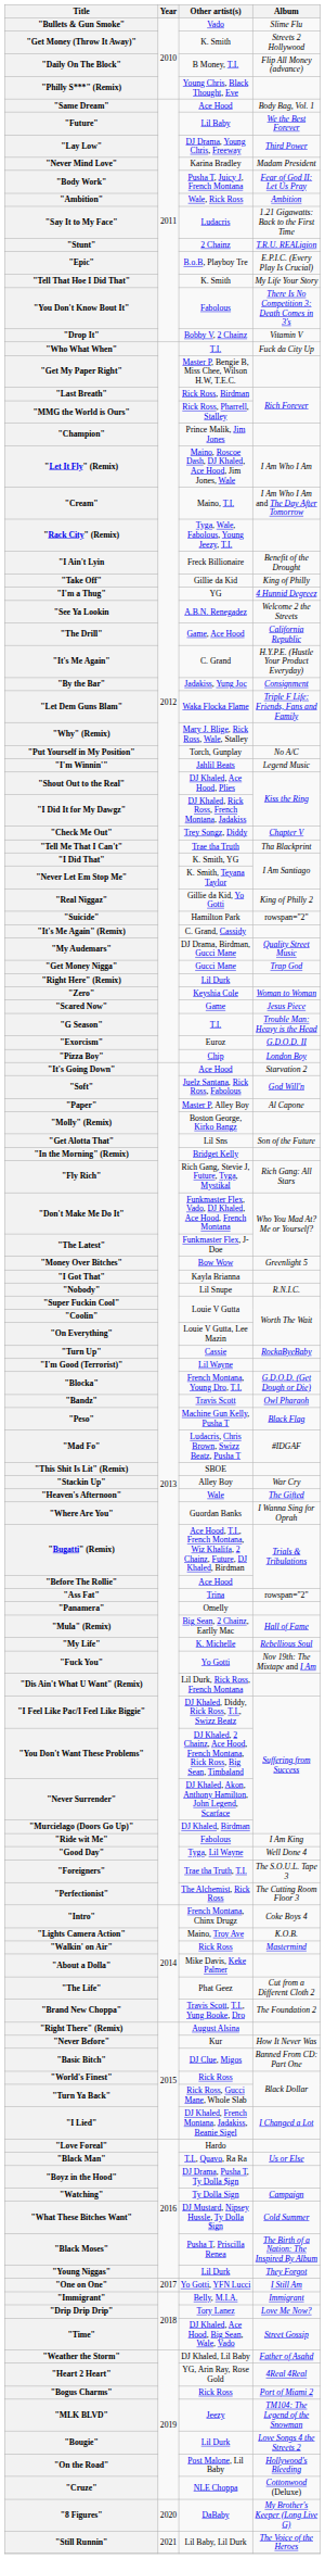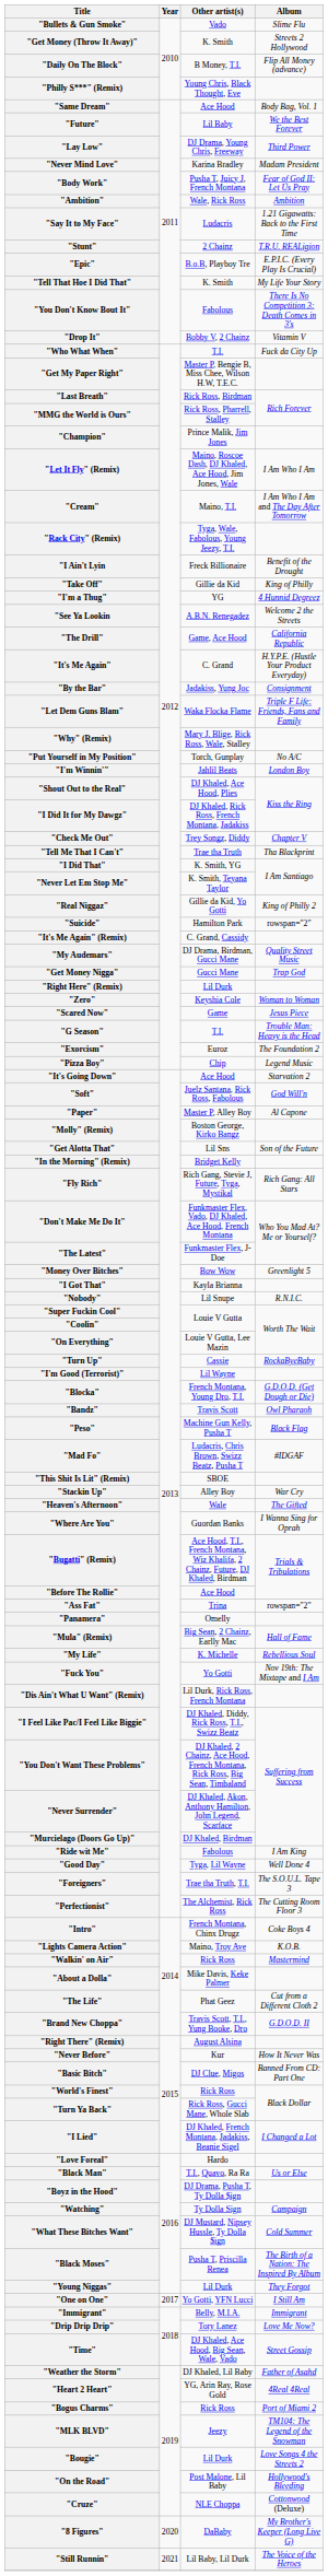 <table class="wikitable plainrowheaders" style="text-align:center;">
 <tr>
 <th scope="col" style="width:18em;">Title</th>
 <th scope="col">Year</th>
 <th scope="col">Other artist(s)</th>
 <th scope="col">Album</th>
 </tr>
 <tr>
 <th scope="row">"Bullets & Gun Smoke"</th>
 <td rowspan="4">2010</td>
 <td><a href='#'>Vado</a></td>
 <td><em>Slime Flu</em></td>
 </tr>
 <tr>
 <th scope="row">"Get Money (Throw It Away)"</th>
 <td>K. Smith</td>
 <td><em>Streets 2 Hollywood</em></td>
 </tr>
 <tr>
 <th scope="row">"Daily On The Block"<br></th>
 <td>B Money, <a href='#'>T.I.</a></td>
 <td><em>Flip All Money (advance)</em></td>
 </tr>
 <tr>
 <th scope="row">"Philly S***" (Remix)</th>
 <td><a href='#'>Young Chris</a>, <a href='#'>Black Thought</a>, <a href='#'>Eve</a></td>
 <td></td>
 </tr>
 <tr>
 <th scope="row">"Same Dream"</th>
 <td rowspan="12">2011</td>
 <td><a href='#'>Ace Hood</a></td>
 <td><em>Body Bag, Vol. 1</em></td>
 </tr>
 <tr>
 <th scope="row">"Future"</th>
 <td><a href='#'>Lil Baby</a></td>
 <td><em><a href='#'>We the Best Forever</a></em></td>
 </tr>
 <tr>
 <th scope="row">"Lay Low"</th>
 <td><a href='#'>DJ Drama</a>, <a href='#'>Young Chris</a>, <a href='#'>Freeway</a></td>
 <td><em><a href='#'>Third Power</a></em></td>
 </tr>
 <tr>
 <th scope="row">"Never Mind Love"</th>
 <td>Karina Bradley</td>
 <td><em>Madam President</em></td>
 </tr>
 <tr>
 <th scope="row">"Body Work"</th>
 <td><a href='#'>Pusha T</a>, <a href='#'>Juicy J</a>, <a href='#'>French Montana</a></td>
 <td><em><a href='#'>Fear of God II: Let Us Pray</a></em></td>
 </tr>
 <tr>
 <th scope="row">"Ambition"</th>
 <td><a href='#'>Wale</a>, <a href='#'>Rick Ross</a></td>
 <td><em><a href='#'>Ambition</a></em></td>
 </tr>
 <tr>
 <th scope="row">"Say It to My Face"</th>
 <td><a href='#'>Ludacris</a></td>
 <td><em>1.21 Gigawatts: Back to the First Time</em></td>
 </tr>
 <tr>
 <th scope="row">"Stunt"</th>
 <td><a href='#'>2 Chainz</a></td>
 <td><em><a href='#'>T.R.U. REALigion</a></em></td>
 </tr>
 <tr>
 <th scope="row">"Epic"</th>
 <td><a href='#'>B.o.B</a>, Playboy Tre</td>
 <td><em>E.P.I.C. (Every Play Is Crucial)</em></td>
 </tr>
 <tr>
 <th scope="row">"Tell That Hoe I Did That"</th>
 <td>K. Smith</td>
 <td><em>My Life Your Story</em></td>
 </tr>
 <tr>
 <th scope="row">"You Don't Know Bout It"</th>
 <td><a href='#'>Fabolous</a></td>
 <td><em><a href='#'>There Is No Competition 3: Death Comes in 3's</a></em></td>
 </tr>
 <tr>
 <th scope="row">"Drop It"</th>
 <td><a href='#'>Bobby V</a>, <a href='#'>2 Chainz</a></td>
 <td><em>Vitamin V</em></td>
 </tr>
 <tr>
 <th scope="row">"Who What When"</th>
 <td rowspan="36">2012</td>
 <td><a href='#'>T.I.</a></td>
 <td><em>Fuck da City Up</em></td>
 </tr>
 <tr>
 <th scope="row">"Get My Paper Right"</th>
 <td><a href='#'>Master P</a>, Bengie B, Miss Chee, Wilson H.W, T.E.C.</td>
 <td></td>
 </tr>
 <tr>
 <th scope="row">"Last Breath"</th>
 <td><a href='#'>Rick Ross</a>, <a href='#'>Birdman</a></td>
 <td rowspan="2"><em><a href='#'>Rich Forever</a></em></td>
 </tr>
 <tr>
 <th scope="row">"MMG the World is Ours"</th>
 <td><a href='#'>Rick Ross</a>, <a href='#'>Pharrell</a>, <a href='#'>Stalley</a></td>
 </tr>
 <tr>
 <th scope="row">"Champion"</th>
 <td>Prince Malik, <a href='#'>Jim Jones</a></td>
 <td></td>
 </tr>
 <tr>
 <th scope="row">"<a href='#'>Let It Fly</a>" (Remix)</th>
 <td><a href='#'>Maino</a>, <a href='#'>Roscoe Dash</a>, <a href='#'>DJ Khaled</a>, <a href='#'>Ace Hood</a>, Jim Jones, <a href='#'>Wale</a></td>
 <td><em>I Am Who I Am</em></td>
 </tr>
 <tr>
 <th scope="row">"Cream"</th>
 <td>Maino, <a href='#'>T.I.</a></td>
 <td><em>I Am Who I Am</em> and <em><a href='#'>The Day After Tomorrow</a></em></td>
 </tr>
 <tr>
 <th scope="row">"<a href='#'>Rack City</a>" (Remix)</th>
 <td><a href='#'>Tyga</a>, <a href='#'>Wale</a>, <a href='#'>Fabolous</a>, <a href='#'>Young Jeezy</a>, <a href='#'>T.I.</a></td>
 <td></td>
 </tr>
 <tr>
 <th scope="row">"I Ain't Lyin</th>
 <td>Freck Billionaire</td>
 <td><em>Benefit of the Drought</em></td>
 </tr>
 <tr>
 <th scope="row">"Take Off"</th>
 <td>Gillie da Kid</td>
 <td><em>King of Philly</em></td>
 </tr>
 <tr>
 <th scope="row">"I'm a Thug"</th>
 <td>YG</td>
 <td><em><a href='#'>4 Hunnid Degreez</a></em></td>
 </tr>
 <tr>
 <th scope="row">"See Ya Lookin</th>
 <td><a href='#'>A.B.N. Renegadez</a></td>
 <td><em>Welcome 2 the Streets</em></td>
 </tr>
 <tr>
 <th scope="row">"The Drill"</th>
 <td><a href='#'>Game</a>, <a href='#'>Ace Hood</a></td>
 <td><em><a href='#'>California Republic</a></em></td>
 </tr>
 <tr>
 <th scope="row">"It's Me Again"</th>
 <td>C. Grand</td>
 <td><em>H.Y.P.E. (Hustle Your Product Everyday)</em></td>
 </tr>
 <tr>
 <th scope="row">"By the Bar"</th>
 <td><a href='#'>Jadakiss</a>, <a href='#'>Yung Joc</a></td>
 <td><em><a href='#'>Consignment</a></em></td>
 </tr>
 <tr>
 <th scope="row">"Let Dem Guns Blam"</th>
 <td><a href='#'>Waka Flocka Flame</a></td>
 <td><em><a href='#'>Triple F Life: Friends, Fans and Family</a></em></td>
 </tr>
 <tr>
 <th scope="row">"Why" (Remix)</th>
 <td><a href='#'>Mary J. Blige</a>, <a href='#'>Rick Ross</a>, <a href='#'>Wale</a>, Stalley</td>
 <td></td>
 </tr>
 <tr>
 <th scope="row">"Put Yourself in My Position"</th>
 <td>Torch, Gunplay</td>
 <td><em>No A/C</em></td>
 </tr>
 <tr>
 <th scope="row">"I'm Winnin'"</th>
 <td><a href='#'>Jahlil Beats</a></td>
-<td><em>Legend Music</em></td>
+<td><em><a href='#'>London Boy</a></em></td>
 </tr>
 <tr>
 <th scope="row">"Shout Out to the Real"</th>
 <td><a href='#'>DJ Khaled</a>, <a href='#'>Ace Hood</a>, <a href='#'>Plies</a></td>
 <td rowspan="2"><em><a href='#'>Kiss the Ring</a></em></td>
 </tr>
 <tr>
 <th scope="row">"I Did It for My Dawgz"</th>
 <td><a href='#'>DJ Khaled</a>, <a href='#'>Rick Ross</a>, <a href='#'>French Montana</a>, <a href='#'>Jadakiss</a></td>
 </tr>
 <tr>
 <th scope="row">"Check Me Out"</th>
 <td><a href='#'>Trey Songz</a>, <a href='#'>Diddy</a></td>
 <td><em><a href='#'>Chapter V</a></em></td>
 </tr>
 <tr>
 <th scope="row">"Tell Me That I Can't"</th>
 <td><a href='#'>Trae tha Truth</a></td>
 <td><em>Tha Blackprint</em></td>
 </tr>
 <tr>
 <th scope="row">"I Did That"</th>
 <td>K. Smith, YG</td>
 <td rowspan="2"><em>I Am Santiago</em></td>
 </tr>
 <tr>
 <th scope="row">"Never Let Em Stop Me"</th>
 <td>K. Smith, <a href='#'>Teyana Taylor</a></td>
 </tr>
 <tr>
 <th scope="row">"Real Niggaz"</th>
 <td>Gillie da Kid, <a href='#'>Yo Gotti</a></td>
 <td><em>King of Philly 2</em></td>
 </tr>
 <tr>
 <th scope="row">"Suicide"</th>
 <td>Hamilton Park</td>
 <td>rowspan="2" </td>
 </tr>
 <tr>
 <th scope="row">"It's Me Again" (Remix)</th>
 <td>C. Grand, <a href='#'>Cassidy</a></td>
 </tr>
 <tr>
 <th scope="row">"My Audemars"</th>
 <td>DJ Drama, Birdman, <a href='#'>Gucci Mane</a></td>
 <td><em><a href='#'>Quality Street Music</a></em></td>
 </tr>
 <tr>
 <th scope="row">"Get Money Nigga"</th>
 <td><a href='#'>Gucci Mane</a></td>
 <td><em><a href='#'>Trap God</a></em></td>
 </tr>
 <tr>
 <th scope="row">"Right Here" (Remix)</th>
 <td><a href='#'>Lil Durk</a></td>
 <td></td>
 </tr>
 <tr>
 <th scope="row">"Zero"</th>
 <td><a href='#'>Keyshia Cole</a></td>
 <td><em><a href='#'>Woman to Woman</a></em></td>
 </tr>
 <tr>
 <th scope="row">"Scared Now"</th>
 <td><a href='#'>Game</a></td>
 <td><em><a href='#'>Jesus Piece</a></em></td>
 </tr>
 <tr>
 <th scope="row">"G Season"</th>
 <td><a href='#'>T.I.</a></td>
 <td><em><a href='#'>Trouble Man: Heavy is the Head</a></em></td>
 </tr>
 <tr>
 <th scope="row">"Exorcism"</th>
 <td>Euroz</td>
-<td><em><a href='#'>G.D.O.D. II</a></em></td>
+<td><em>The Foundation 2</em></td>
 </tr>
 <tr>
 <th scope="row">"Pizza Boy"</th>
 <td><a href='#'>Chip</a></td>
-<td><em><a href='#'>London Boy</a></em></td>
+<td><em>Legend Music</em></td>
 </tr>
 <tr>
 <th scope="row">"It's Going Down"</th>
 <td rowspan="41">2013</td>
 <td><a href='#'>Ace Hood</a></td>
 <td><em>Starvation 2</em></td>
 </tr>
 <tr>
 <th scope="row">"Soft"</th>
 <td><a href='#'>Juelz Santana</a>, <a href='#'>Rick Ross</a>, <a href='#'>Fabolous</a></td>
 <td><em><a href='#'>God Will'n</a></em></td>
 </tr>
 <tr>
 <th scope="row">"Paper"</th>
 <td><a href='#'>Master P</a>, Alley Boy</td>
 <td><em>Al Capone</em></td>
 </tr>
 <tr>
 <th scope="row">"Molly" (Remix)</th>
 <td>Boston George, <a href='#'>Kirko Bangz</a></td>
 <td></td>
 </tr>
 <tr>
 <th scope="row">"Get Alotta That"</th>
 <td>Lil Sns</td>
 <td><em>Son of the Future</em></td>
 </tr>
 <tr>
 <th scope="row">"In the Morning" (Remix)</th>
 <td><a href='#'>Bridget Kelly</a></td>
 <td></td>
 </tr>
 <tr>
 <th scope="row">"Fly Rich"</th>
 <td>Rich Gang, Stevie J, <a href='#'>Future</a>, <a href='#'>Tyga</a>, <a href='#'>Mystikal</a></td>
 <td><em>Rich Gang: All Stars</em></td>
 </tr>
 <tr>
 <th scope="row">"Don't Make Me Do It"</th>
 <td><a href='#'>Funkmaster Flex</a>, <a href='#'>Vado</a>, <a href='#'>DJ Khaled</a>, <a href='#'>Ace Hood</a>, <a href='#'>French Montana</a></td>
 <td rowspan="2"><em>Who You Mad At? Me or Yourself?</em></td>
 </tr>
 <tr>
 <th scope="row">"The Latest"</th>
 <td><a href='#'>Funkmaster Flex</a>, J-Doe</td>
 </tr>
 <tr>
 <th scope="row">"Money Over Bitches"</th>
 <td><a href='#'>Bow Wow</a></td>
 <td><em>Greenlight 5</em></td>
 </tr>
 <tr>
 <th scope="row">"I Got That"</th>
 <td>Kayla Brianna</td>
 <td></td>
 </tr>
 <tr>
 <th scope="row">"Nobody"</th>
 <td>Lil Snupe</td>
 <td><em>R.N.I.C.</em></td>
 </tr>
 <tr>
 <th scope="row">"Super Fuckin Cool"</th>
 <td rowspan="2">Louie V Gutta</td>
 <td rowspan="3"><em>Worth The Wait</em></td>
 </tr>
 <tr>
 <th scope="row">"Coolin"</th>
 </tr>
 <tr>
 <th scope="row">"On Everything"</th>
 <td>Louie V Gutta, Lee Mazin</td>
 </tr>
 <tr>
 <th scope="row">"Turn Up"</th>
 <td><a href='#'>Cassie</a></td>
 <td><em><a href='#'>RockaByeBaby</a></em></td>
 </tr>
 <tr>
 <th scope="row">"I'm Good (Terrorist)"</th>
 <td><a href='#'>Lil Wayne</a></td>
 <td></td>
 </tr>
 <tr>
 <th scope="row">"Blocka"</th>
 <td><a href='#'>French Montana</a>, <a href='#'>Young Dro</a>, <a href='#'>T.I.</a></td>
 <td><em><a href='#'>G.D.O.D. (Get Dough or Die)</a></em></td>
 </tr>
 <tr>
 <th scope="row">"Bandz"</th>
 <td><a href='#'>Travis Scott</a></td>
 <td><em><a href='#'>Owl Pharaoh</a></em></td>
 </tr>
 <tr>
 <th scope="row">"Peso"</th>
 <td><a href='#'>Machine Gun Kelly</a>, <a href='#'>Pusha T</a></td>
 <td><em><a href='#'>Black Flag</a></em></td>
 </tr>
 <tr>
 <th scope="row">"Mad Fo"</th>
 <td><a href='#'>Ludacris</a>, <a href='#'>Chris Brown</a>, <a href='#'>Swizz Beatz</a>, <a href='#'>Pusha T</a></td>
 <td><em>#IDGAF</em></td>
 </tr>
 <tr>
 <th scope="row">"This Shit Is Lit" (Remix)</th>
 <td>SBOE</td>
 <td></td>
 </tr>
 <tr>
 <th scope="row">"Stackin Up"</th>
 <td>Alley Boy</td>
 <td><em>War Cry</em></td>
 </tr>
 <tr>
 <th scope="row">"Heaven's Afternoon"</th>
 <td><a href='#'>Wale</a></td>
 <td><em><a href='#'>The Gifted</a></em></td>
 </tr>
 <tr>
 <th scope="row">"Where Are You"</th>
 <td>Guordan Banks</td>
 <td><em>I Wanna Sing for Oprah</em></td>
 </tr>
 <tr>
 <th scope="row">"<a href='#'>Bugatti</a>" (Remix)</th>
 <td><a href='#'>Ace Hood</a>, <a href='#'>T.I.</a>, <a href='#'>French Montana</a>, <a href='#'>Wiz Khalifa</a>, <a href='#'>2 Chainz</a>, <a href='#'>Future</a>, <a href='#'>DJ Khaled</a>, Birdman</td>
 <td rowspan="2"><em><a href='#'>Trials & Tribulations</a></em></td>
 </tr>
 <tr>
 <th scope="row">"Before The Rollie"</th>
 <td><a href='#'>Ace Hood</a></td>
 </tr>
 <tr>
 <th scope="row">"Ass Fat"</th>
 <td><a href='#'>Trina</a></td>
 <td>rowspan="2" </td>
 </tr>
 <tr>
 <th scope="row">"Panamera"</th>
 <td>Omelly</td>
 </tr>
 <tr>
 <th scope="row">"Mula" (Remix)</th>
 <td><a href='#'>Big Sean</a>, <a href='#'>2 Chainz</a>, Earlly Mac</td>
 <td><em><a href='#'>Hall of Fame</a></em></td>
 </tr>
 <tr>
 <th scope="row">"My Life"</th>
 <td><a href='#'>K. Michelle</a></td>
 <td><em><a href='#'>Rebellious Soul</a></em></td>
 </tr>
 <tr>
 <th scope="row">"Fuck You"</th>
 <td><a href='#'>Yo Gotti</a></td>
 <td><em>Nov 19th: The Mixtape</em> and <em><a href='#'>I Am</a></em></td>
 </tr>
 <tr>
 <th scope="row">"Dis Ain't What U Want" (Remix)</th>
 <td>Lil Durk, <a href='#'>Rick Ross</a>, <a href='#'>French Montana</a></td>
 <td></td>
 </tr>
 <tr>
 <th scope="row">"I Feel Like Pac/I Feel Like Biggie"</th>
 <td><a href='#'>DJ Khaled</a>, Diddy, <a href='#'>Rick Ross</a>, <a href='#'>T.I.</a>, <a href='#'>Swizz Beatz</a></td>
 <td rowspan="4"><em><a href='#'>Suffering from Success</a></em></td>
 </tr>
 <tr>
 <th scope="row">"You Don't Want These Problems"</th>
 <td><a href='#'>DJ Khaled</a>, <a href='#'>2 Chainz</a>, <a href='#'>Ace Hood</a>, <a href='#'>French Montana</a>, <a href='#'>Rick Ross</a>, <a href='#'>Big Sean</a>, <a href='#'>Timbaland</a></td>
 </tr>
 <tr>
 <th scope="row">"Never Surrender"</th>
 <td><a href='#'>DJ Khaled</a>, <a href='#'>Akon</a>, <a href='#'>Anthony Hamilton</a>, <a href='#'>John Legend</a>, <a href='#'>Scarface</a></td>
 </tr>
 <tr>
 <th scope="row">"Murcielago (Doors Go Up)"</th>
 <td><a href='#'>DJ Khaled</a>, <a href='#'>Birdman</a></td>
 </tr>
 <tr>
 <th scope="row">"Ride wit Me"</th>
 <td><a href='#'>Fabolous</a></td>
 <td><em>I Am King</em></td>
 </tr>
 <tr>
 <th scope="row">"Good Day"</th>
 <td><a href='#'>Tyga</a>, <a href='#'>Lil Wayne</a></td>
 <td><em>Well Done 4</em></td>
 </tr>
 <tr>
 <th scope="row">"Foreigners"</th>
 <td><a href='#'>Trae tha Truth</a>, <a href='#'>T.I.</a></td>
 <td><em>The S.O.U.L. Tape 3</em></td>
 </tr>
 <tr>
 <th scope="row">"Perfectionist"</th>
 <td><a href='#'>The Alchemist</a>, <a href='#'>Rick Ross</a></td>
 <td><em>The Cutting Room Floor 3</em></td>
 </tr>
 <tr>
 <th scope="row">"Intro"</th>
 <td rowspan="6">2014</td>
 <td><a href='#'>French Montana</a>, Chinx Drugz</td>
 <td><em>Coke Boys 4</em></td>
 </tr>
 <tr>
 <th scope="row">"Lights Camera Action"</th>
 <td>Maino, <a href='#'>Troy Ave</a></td>
 <td><em>K.O.B.</em></td>
 </tr>
 <tr>
 <th scope="row">"Walkin' on Air"</th>
 <td><a href='#'>Rick Ross</a></td>
 <td><em><a href='#'>Mastermind</a></em></td>
 </tr>
 <tr>
 <th scope="row">"About a Dolla"</th>
 <td>Mike Davis, <a href='#'>Keke Palmer</a></td>
 <td></td>
 </tr>
 <tr>
 <th scope="row">"The Life"</th>
 <td>Phat Geez</td>
 <td><em>Cut from a Different Cloth 2</em></td>
 </tr>
 <tr>
 <th scope="row">"Brand New Choppa"</th>
 <td><a href='#'>Travis Scott</a>, <a href='#'>T.I.</a>, <a href='#'>Yung Booke</a>, <a href='#'>Dro</a></td>
-<td><em>The Foundation 2</em></td>
+<td><em><a href='#'>G.D.O.D. II</a></em></td>
 </tr>
 <tr>
 <th scope="row">"Right There" (Remix)</th>
 <td rowspan="6">2015</td>
 <td><a href='#'>August Alsina</a></td>
 <td></td>
 </tr>
 <tr>
 <th scope="row">"Never Before"</th>
 <td>Kur</td>
 <td><em>How It Never Was</em></td>
 </tr>
 <tr>
 <th scope="row">"Basic Bitch"</th>
 <td><a href='#'>DJ Clue</a>, <a href='#'>Migos</a></td>
 <td><em>Banned From CD: Part One</em></td>
 </tr>
 <tr>
 <th scope="row">"World's Finest"</th>
 <td><a href='#'>Rick Ross</a></td>
 <td rowspan="2"><em>Black Dollar</em></td>
 </tr>
 <tr>
 <th scope="row">"Turn Ya Back"</th>
 <td><a href='#'>Rick Ross</a>, <a href='#'>Gucci Mane</a>, Whole Slab</td>
 </tr>
 <tr>
 <th scope="row">"I Lied"</th>
 <td><a href='#'>DJ Khaled</a>, <a href='#'>French Montana</a>, <a href='#'>Jadakiss</a>, <a href='#'>Beanie Sigel</a></td>
 <td><em><a href='#'>I Changed a Lot</a></em></td>
 </tr>
 <tr>
 <th scope="row">"Love Foreal"</th>
 <td rowspan="7">2016</td>
 <td>Hardo</td>
 <td></td>
 </tr>
 <tr>
 <th scope="row">"Black Man"</th>
 <td><a href='#'>T.I.</a>, <a href='#'>Quavo</a>, Ra Ra</td>
 <td><em><a href='#'>Us or Else</a></em></td>
 </tr>
 <tr>
 <th scope="row">"Boyz in the Hood"</th>
 <td><a href='#'>DJ Drama</a>, <a href='#'>Pusha T</a>, <a href='#'>Ty Dolla $ign</a></td>
 <td></td>
 </tr>
 <tr>
 <th scope="row">"Watching"</th>
 <td><a href='#'>Ty Dolla Sign</a></td>
 <td><em><a href='#'>Campaign</a></em></td>
 </tr>
 <tr>
 <th scope="row">"What These Bitches Want"</th>
 <td><a href='#'>DJ Mustard</a>, <a href='#'>Nipsey Hussle</a>, <a href='#'>Ty Dolla $ign</a></td>
 <td><em><a href='#'>Cold Summer</a></em></td>
 </tr>
 <tr>
 <th scope="row">"Black Moses"</th>
 <td><a href='#'>Pusha T</a>, <a href='#'>Priscilla Renea</a></td>
 <td><em><a href='#'>The Birth of a Nation: The Inspired By Album</a></em></td>
 </tr>
 <tr>
 <th scope="row">"Young Niggas"</th>
 <td><a href='#'>Lil Durk</a></td>
 <td><em><a href='#'>They Forgot</a></em></td>
 </tr>
 <tr>
 <th scope="row">"One on One"</th>
 <td>2017</td>
 <td><a href='#'>Yo Gotti</a>, <a href='#'>YFN Lucci</a></td>
 <td><em><a href='#'>I Still Am</a></em></td>
 </tr>
 <tr>
 <th scope="row">"Immigrant"</th>
 <td rowspan="3">2018</td>
 <td><a href='#'>Belly</a>, <a href='#'>M.I.A.</a></td>
 <td><em><a href='#'>Immigrant</a></em></td>
 </tr>
 <tr>
 <th scope="row">"Drip Drip Drip"</th>
 <td><a href='#'>Tory Lanez</a></td>
 <td><em><a href='#'>Love Me Now?</a></em></td>
 </tr>
 <tr>
 <th scope="row">"Time"</th>
 <td><a href='#'>DJ Khaled</a>, <a href='#'>Ace Hood</a>, <a href='#'>Big Sean</a>, <a href='#'>Wale</a>, <a href='#'>Vado</a></td>
 <td><em><a href='#'>Street Gossip</a></em></td>
 </tr>
 <tr>
 <th scope="row">"Weather the Storm"</th>
 <td rowspan="7">2019</td>
 <td>DJ Khaled, Lil Baby</td>
 <td><em><a href='#'>Father of Asahd</a></em></td>
 </tr>
 <tr>
 <th scope="row">"Heart 2 Heart"</th>
 <td>YG, Arin Ray, Rose Gold</td>
 <td><em><a href='#'>4Real 4Real</a></em></td>
 </tr>
 <tr>
 <th scope="row">"Bogus Charms"</th>
 <td><a href='#'>Rick Ross</a></td>
 <td><em><a href='#'>Port of Miami 2</a></em></td>
 </tr>
 <tr>
 <th scope="row">"MLK BLVD"</th>
 <td><a href='#'>Jeezy</a></td>
 <td><em><a href='#'>TM104: The Legend of the Snowman</a></em></td>
 </tr>
 <tr>
 <th scope="row">"Bougie"</th>
 <td><a href='#'>Lil Durk</a></td>
 <td><em><a href='#'>Love Songs 4 the Streets 2</a></em></td>
 </tr>
 <tr>
 <th scope="row">"On the Road"</th>
 <td><a href='#'>Post Malone</a>, Lil Baby</td>
 <td><em><a href='#'>Hollywood's Bleeding</a></em></td>
 </tr>
 <tr>
 <th scope="row">"Cruze"</th>
 <td><a href='#'>NLE Choppa</a></td>
 <td><em><a href='#'>Cottonwood</a></em> (Deluxe)</td>
 </tr>
 <tr>
 <th scope="row">"8 Figures"</th>
 <td>2020</td>
 <td><a href='#'>DaBaby</a></td>
 <td><em><a href='#'>My Brother's Keeper (Long Live G)</a></em></td>
 </tr>
 <tr>
 <th scope="row">"Still Runnin"</th>
 <td>2021</td>
 <td>Lil Baby, Lil Durk</td>
 <td><em><a href='#'>The Voice of the Heroes</a></em></td>
 </tr>
 <tr>
 </tr>
 </table>
